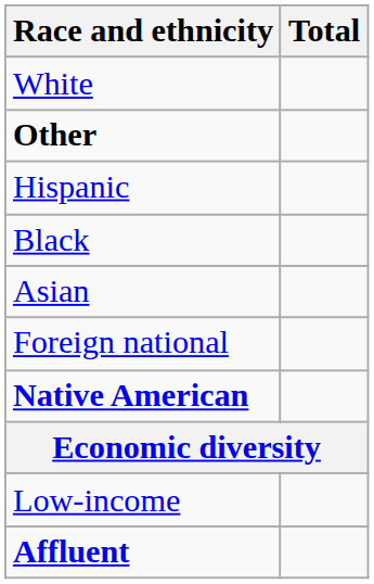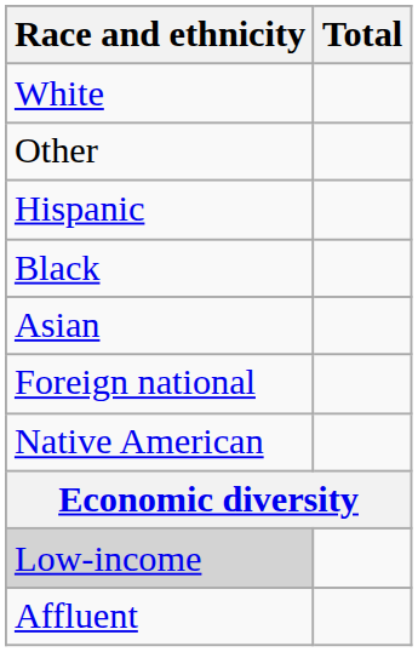 <table class="wikitable floatright sortable collapsible"; text-align:right; font-size:80%;">
 <tr>
 <th>Race and ethnicity</th>
 <th colspan="2" data-sort-type=number>Total</th>
 </tr>
 <tr>
 <td><a href='#'>White</a></td>
 <td align=right></td>
 </tr>
 <tr>
-<td><strong>Other</strong></td>
+<td>Other</td>
 <td align=right></td>
 </tr>
 <tr>
 <td><a href='#'>Hispanic</a></td>
 <td align=right></td>
 </tr>
 <tr>
 <td><a href='#'>Black</a></td>
 <td align=right></td>
 </tr>
 <tr>
 <td><a href='#'>Asian</a></td>
 <td align=right></td>
 </tr>
 <tr>
 <td><a href='#'>Foreign national</a></td>
 <td align=right></td>
 </tr>
 <tr>
-<td><strong><a href='#'>Native American</a></strong></td>
+<td><a href='#'>Native American</a></td>
 <td align=right></td>
 </tr>
 <tr>
 <th colspan="4" data-sort-type=number><a href='#'>Economic diversity</a></th>
 </tr>
 <tr>
-<td><a href='#'>Low-income</a></td>
+<td style="background: lightgrey;"><a href='#'>Low-income</a></td>
 <td align=right></td>
 </tr>
 <tr>
-<td><strong><a href='#'>Affluent</a></strong></td>
+<td><a href='#'>Affluent</a></td>
 <td align=right></td>
 </tr>
 </table>
